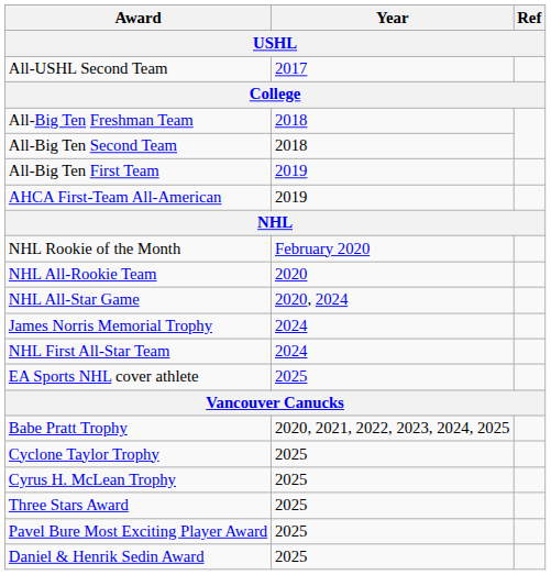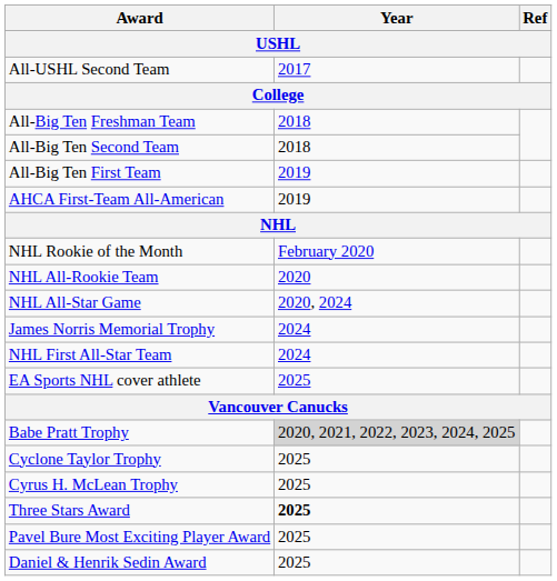 <table class="wikitable">
 <tr>
 <th>Award</th>
 <th>Year</th>
 <th>Ref</th>
 </tr>
 <tr>
 <th colspan="3"><a href='#'>USHL</a></th>
 </tr>
 <tr>
 <td>All-USHL Second Team</td>
 <td><a href='#'>2017</a></td>
 <td></td>
 </tr>
 <tr>
 <th colspan="3"><a href='#'>College</a></th>
 </tr>
 <tr>
 <td>All-<a href='#'>Big Ten</a> <a href='#'>Freshman Team</a></td>
 <td><a href='#'>2018</a></td>
 <td rowspan="2"></td>
 </tr>
 <tr>
 <td>All-Big Ten <a href='#'>Second Team</a></td>
 <td>2018</td>
 </tr>
 <tr>
 <td>All-Big Ten <a href='#'>First Team</a></td>
 <td><a href='#'>2019</a></td>
 <td></td>
 </tr>
 <tr>
 <td><a href='#'>AHCA First-Team All-American</a></td>
 <td>2019</td>
 <td></td>
 </tr>
 <tr>
 <th colspan="3"><a href='#'>NHL</a></th>
 </tr>
 <tr>
 <td>NHL Rookie of the Month</td>
 <td><a href='#'>February 2020</a></td>
 <td></td>
 </tr>
 <tr>
 <td><a href='#'>NHL All-Rookie Team</a></td>
 <td><a href='#'>2020</a></td>
 <td></td>
 </tr>
 <tr>
 <td><a href='#'>NHL All-Star Game</a></td>
 <td><a href='#'>2020</a>, <a href='#'>2024</a></td>
 <td></td>
 </tr>
 <tr>
 <td><a href='#'>James Norris Memorial Trophy</a></td>
 <td><a href='#'>2024</a></td>
 <td></td>
 </tr>
 <tr>
 <td><a href='#'>NHL First All-Star Team</a></td>
 <td><a href='#'>2024</a></td>
 <td></td>
 </tr>
 <tr>
 <td><a href='#'>EA Sports NHL</a> cover athlete</td>
 <td><a href='#'>2025</a></td>
 <td></td>
 </tr>
 <tr>
 <th colspan="3"><a href='#'>Vancouver Canucks</a></th>
 </tr>
 <tr>
 <td><a href='#'>Babe Pratt Trophy</a></td>
-<td>2020, 2021, 2022, 2023, 2024, 2025</td>
+<td style="background: lightgrey;">2020, 2021, 2022, 2023, 2024, 2025</td>
 <td></td>
 </tr>
 <tr>
 <td><a href='#'>Cyclone Taylor Trophy</a></td>
 <td>2025</td>
 <td></td>
 </tr>
 <tr>
 <td><a href='#'>Cyrus H. McLean Trophy</a></td>
 <td>2025</td>
 <td></td>
 </tr>
 <tr>
 <td><a href='#'>Three Stars Award</a></td>
-<td>2025</td>
+<td><strong>2025</strong></td>
 <td></td>
 </tr>
 <tr>
 <td><a href='#'>Pavel Bure Most Exciting Player Award</a></td>
 <td>2025</td>
 <td></td>
 </tr>
 <tr>
 <td><a href='#'>Daniel & Henrik Sedin Award</a></td>
 <td>2025</td>
 <td></td>
 </tr>
 </table>
